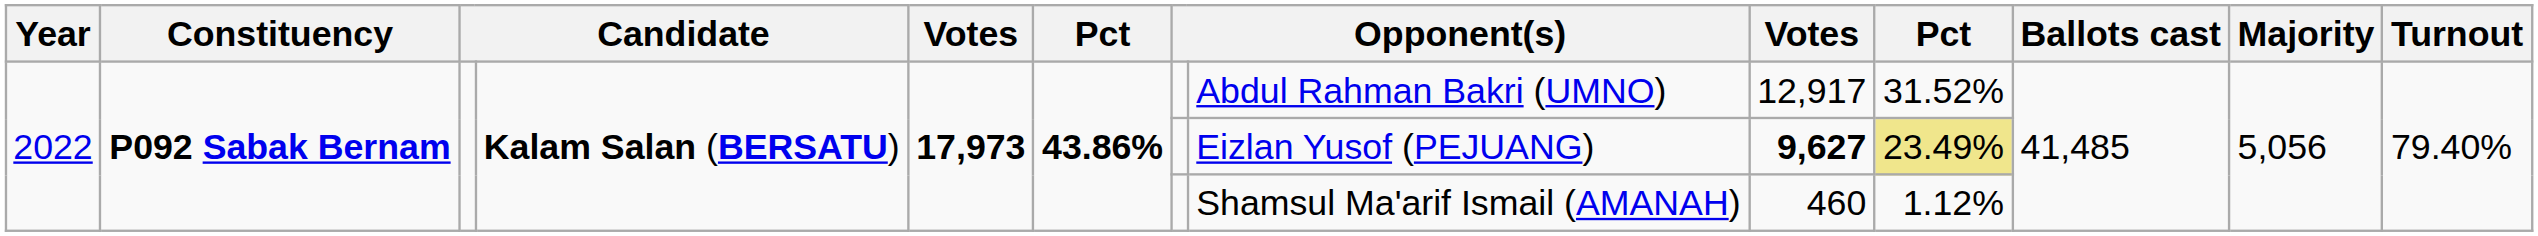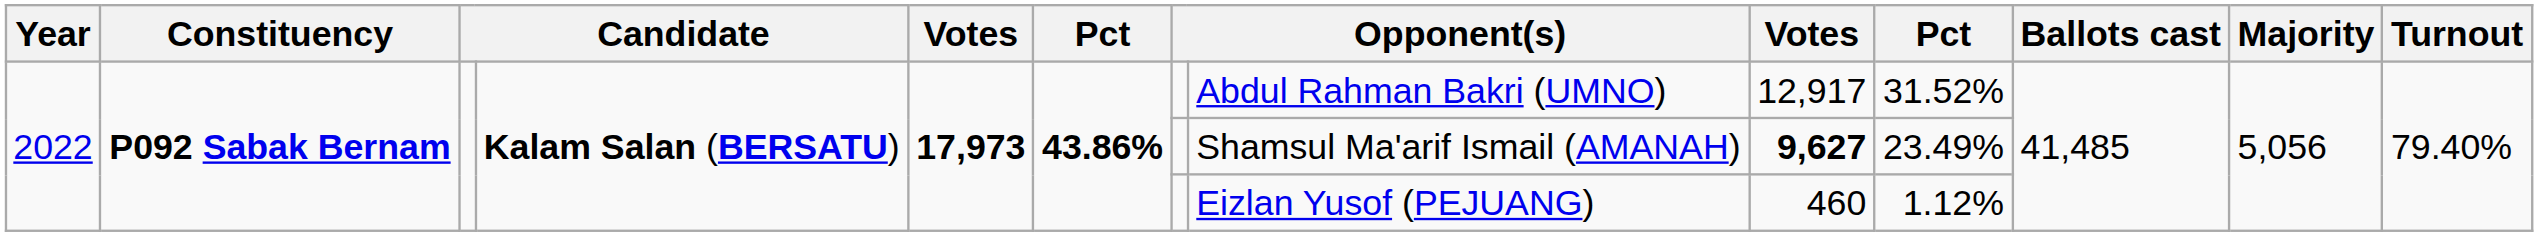 <table class="wikitable" style="margin:0.5em ; font-size:95%">
 <tr>
 <th>Year</th>
 <th>Constituency</th>
 <th colspan=2>Candidate</th>
 <th>Votes</th>
 <th>Pct</th>
 <th colspan=2>Opponent(s)</th>
 <th>Votes</th>
 <th>Pct</th>
 <th>Ballots cast</th>
 <th>Majority</th>
 <th>Turnout</th>
 </tr>
 <tr>
 <td rowspan=3><a href='#'>2022</a></td>
 <td rowspan=3><strong>P092 <a href='#'>Sabak Bernam</a></strong></td>
 <td rowspan=3 bgcolor=></td>
 <td rowspan=3><strong>Kalam Salan</strong> (<a href='#'><strong>BERSATU</strong></a>)</td>
 <td rowspan=3 align="right"><strong>17,973</strong></td>
 <td rowspan=3><strong>43.86%</strong></td>
 <td></td>
 <td><a href='#'>Abdul Rahman Bakri</a> (<a href='#'>UMNO</a>)</td>
 <td align="right">12,917</td>
 <td>31.52%</td>
 <td rowspan=3>41,485</td>
 <td rowspan=3>5,056</td>
 <td rowspan=3>79.40%</td>
 </tr>
 <tr>
 <td></td>
-<td><a href='#'>Eizlan Yusof</a> (<a href='#'>PEJUANG</a>)</td>
+<td>Shamsul Ma'arif Ismail (<a href='#'>AMANAH</a>)</td>
 <td align="right"><strong>9,627</strong></td>
-<td style="background: khaki;">23.49%</td>
+<td>23.49%</td>
 </tr>
 <tr>
 <td bgcolor=></td>
-<td>Shamsul Ma'arif Ismail (<a href='#'>AMANAH</a>)</td>
+<td><a href='#'>Eizlan Yusof</a> (<a href='#'>PEJUANG</a>)</td>
 <td align="right">460</td>
 <td align="right">1.12%</td>
 </tr>
 </table>
